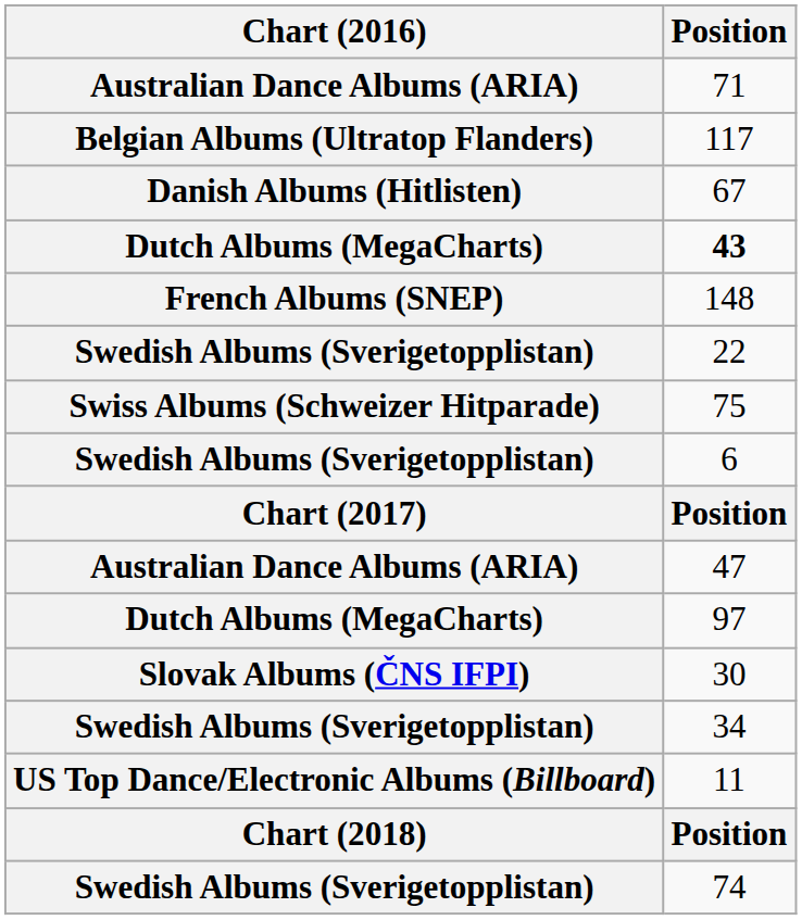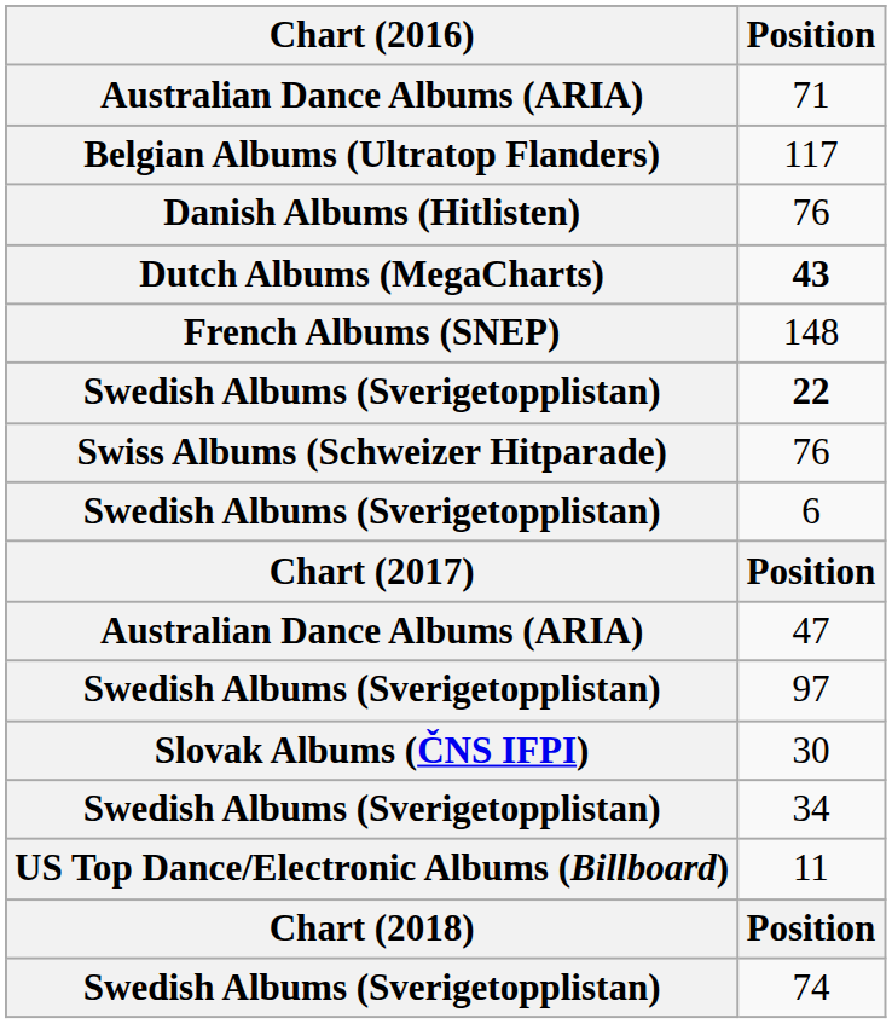 <table class="wikitable sortable plainrowheaders" style="text-align:center">
 <tr>
 <th scope="col">Chart (2016)</th>
 <th scope="col">Position</th>
 </tr>
 <tr>
 <th scope="row">Australian Dance Albums (ARIA)</th>
 <td>71</td>
 </tr>
 <tr>
 <th scope="row">Belgian Albums (Ultratop Flanders)</th>
 <td>117</td>
 </tr>
 <tr>
 <th scope="row">Danish Albums (Hitlisten)</th>
-<td>67</td>
+<td>76</td>
 </tr>
 <tr>
 <th scope="row">Dutch Albums (MegaCharts)</th>
 <td><strong>43</strong></td>
 </tr>
 <tr>
 <th scope="row">French Albums (SNEP)</th>
 <td>148</td>
 </tr>
 <tr>
 <th scope="row">Swedish Albums (Sverigetopplistan)</th>
-<td>22</td>
+<td><strong>22</strong></td>
 </tr>
 <tr>
 <th scope="row">Swiss Albums (Schweizer Hitparade)</th>
-<td>75</td>
+<td>76</td>
 </tr>
 <tr>
 <th scope="row">Swedish Albums (Sverigetopplistan)</th>
 <td>6</td>
 </tr>
 <tr>
 <th scope="col">Chart (2017)</th>
 <th scope="col">Position</th>
 </tr>
 <tr>
 <th scope="row">Australian Dance Albums (ARIA)</th>
 <td>47</td>
 </tr>
 <tr>
-<th scope="row">Dutch Albums (MegaCharts)</th>
+<th scope="row">Swedish Albums (Sverigetopplistan)</th>
 <td>97</td>
 </tr>
 <tr>
 <th scope="row">Slovak Albums (<a href='#'>ČNS IFPI</a>)</th>
 <td>30</td>
 </tr>
 <tr>
 <th scope="row">Swedish Albums (Sverigetopplistan)</th>
 <td>34</td>
 </tr>
 <tr>
 <th scope="row">US Top Dance/Electronic Albums (<em>Billboard</em>)</th>
 <td>11</td>
 </tr>
 <tr>
 <th scope="col">Chart (2018)</th>
 <th scope="col">Position</th>
 </tr>
 <tr>
 <th scope="row">Swedish Albums (Sverigetopplistan)</th>
 <td>74</td>
 </tr>
 </table>
